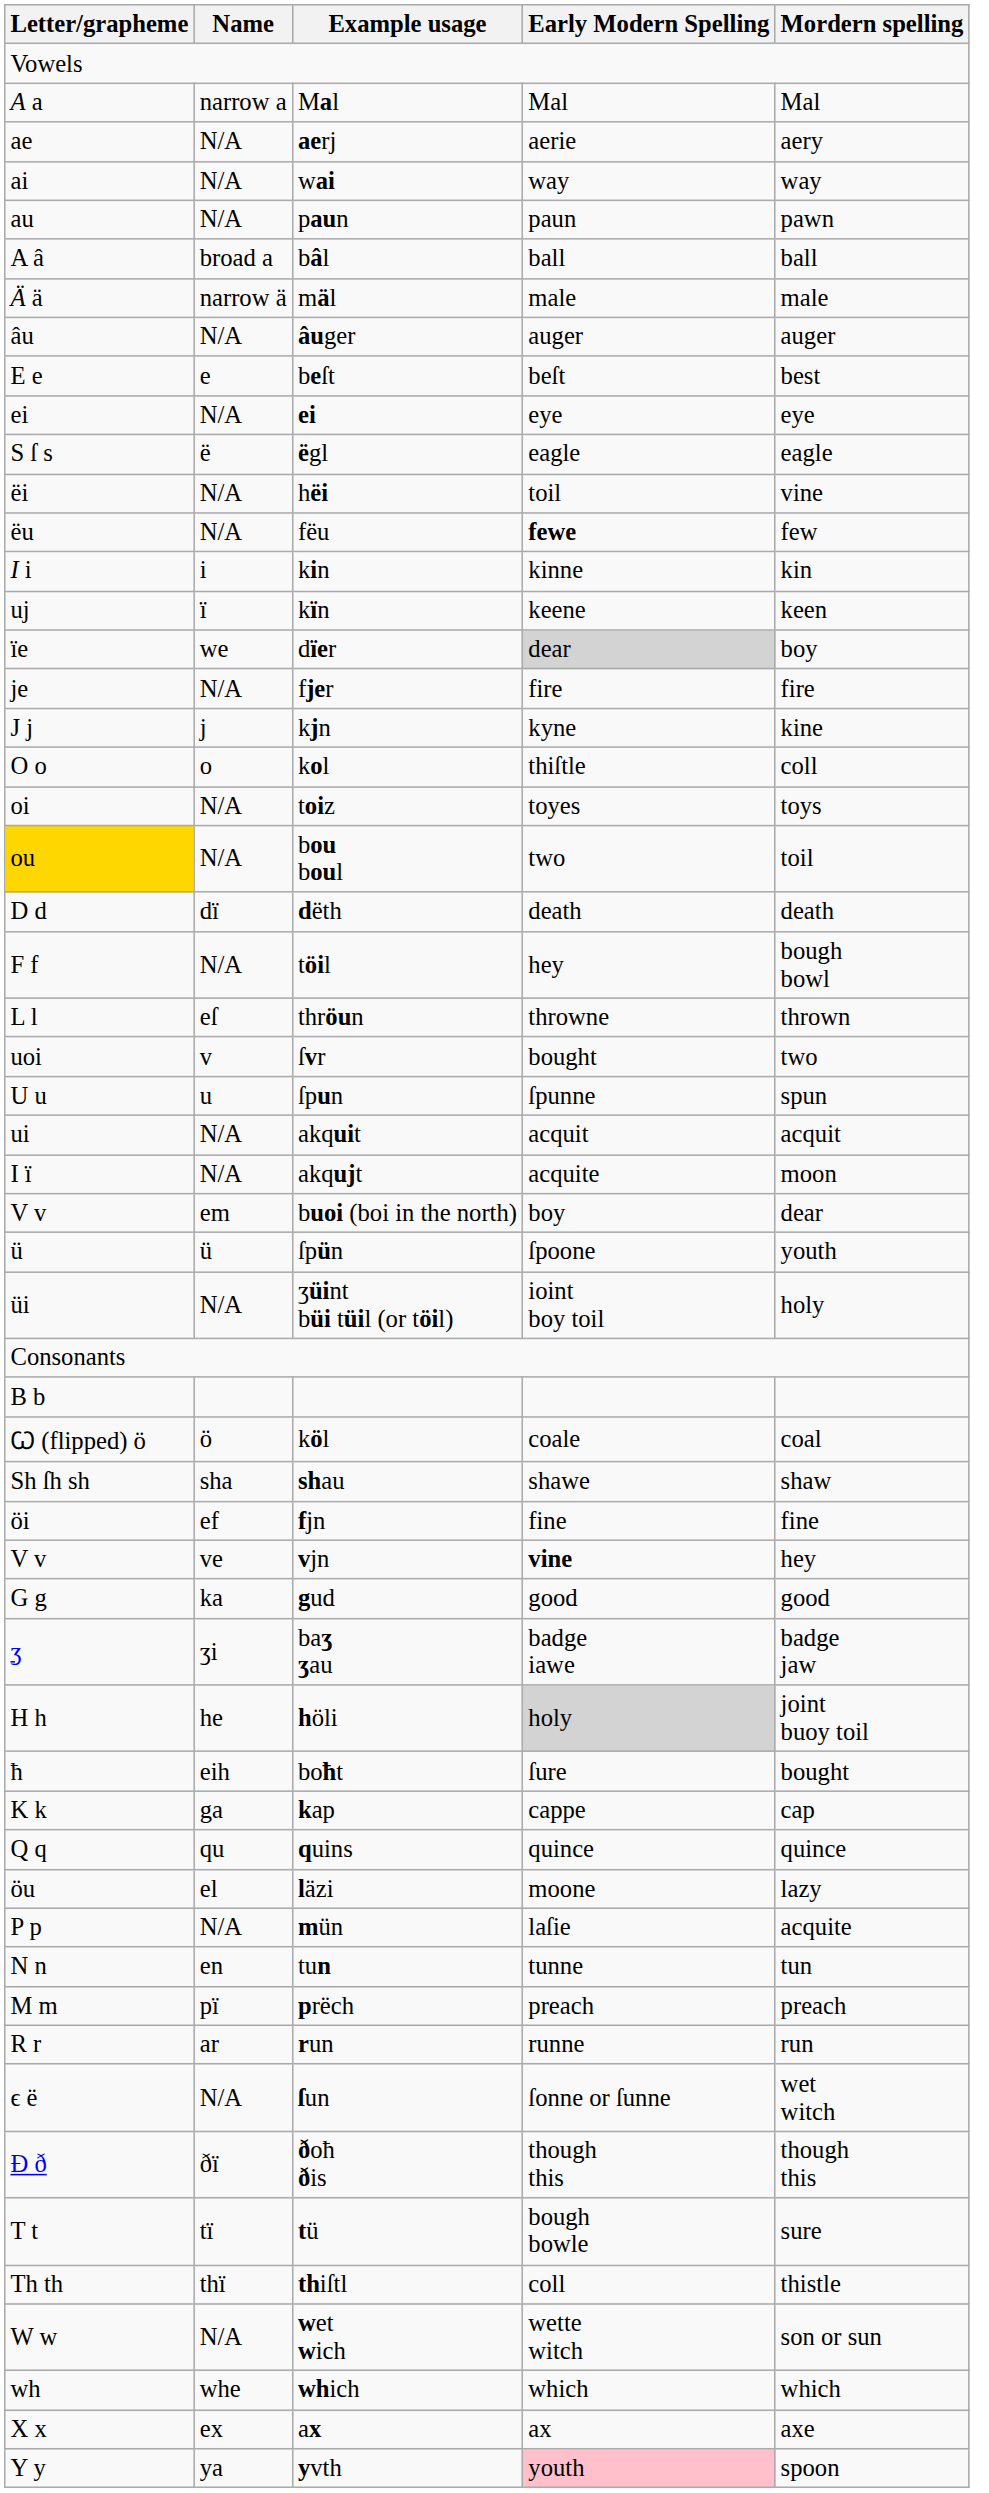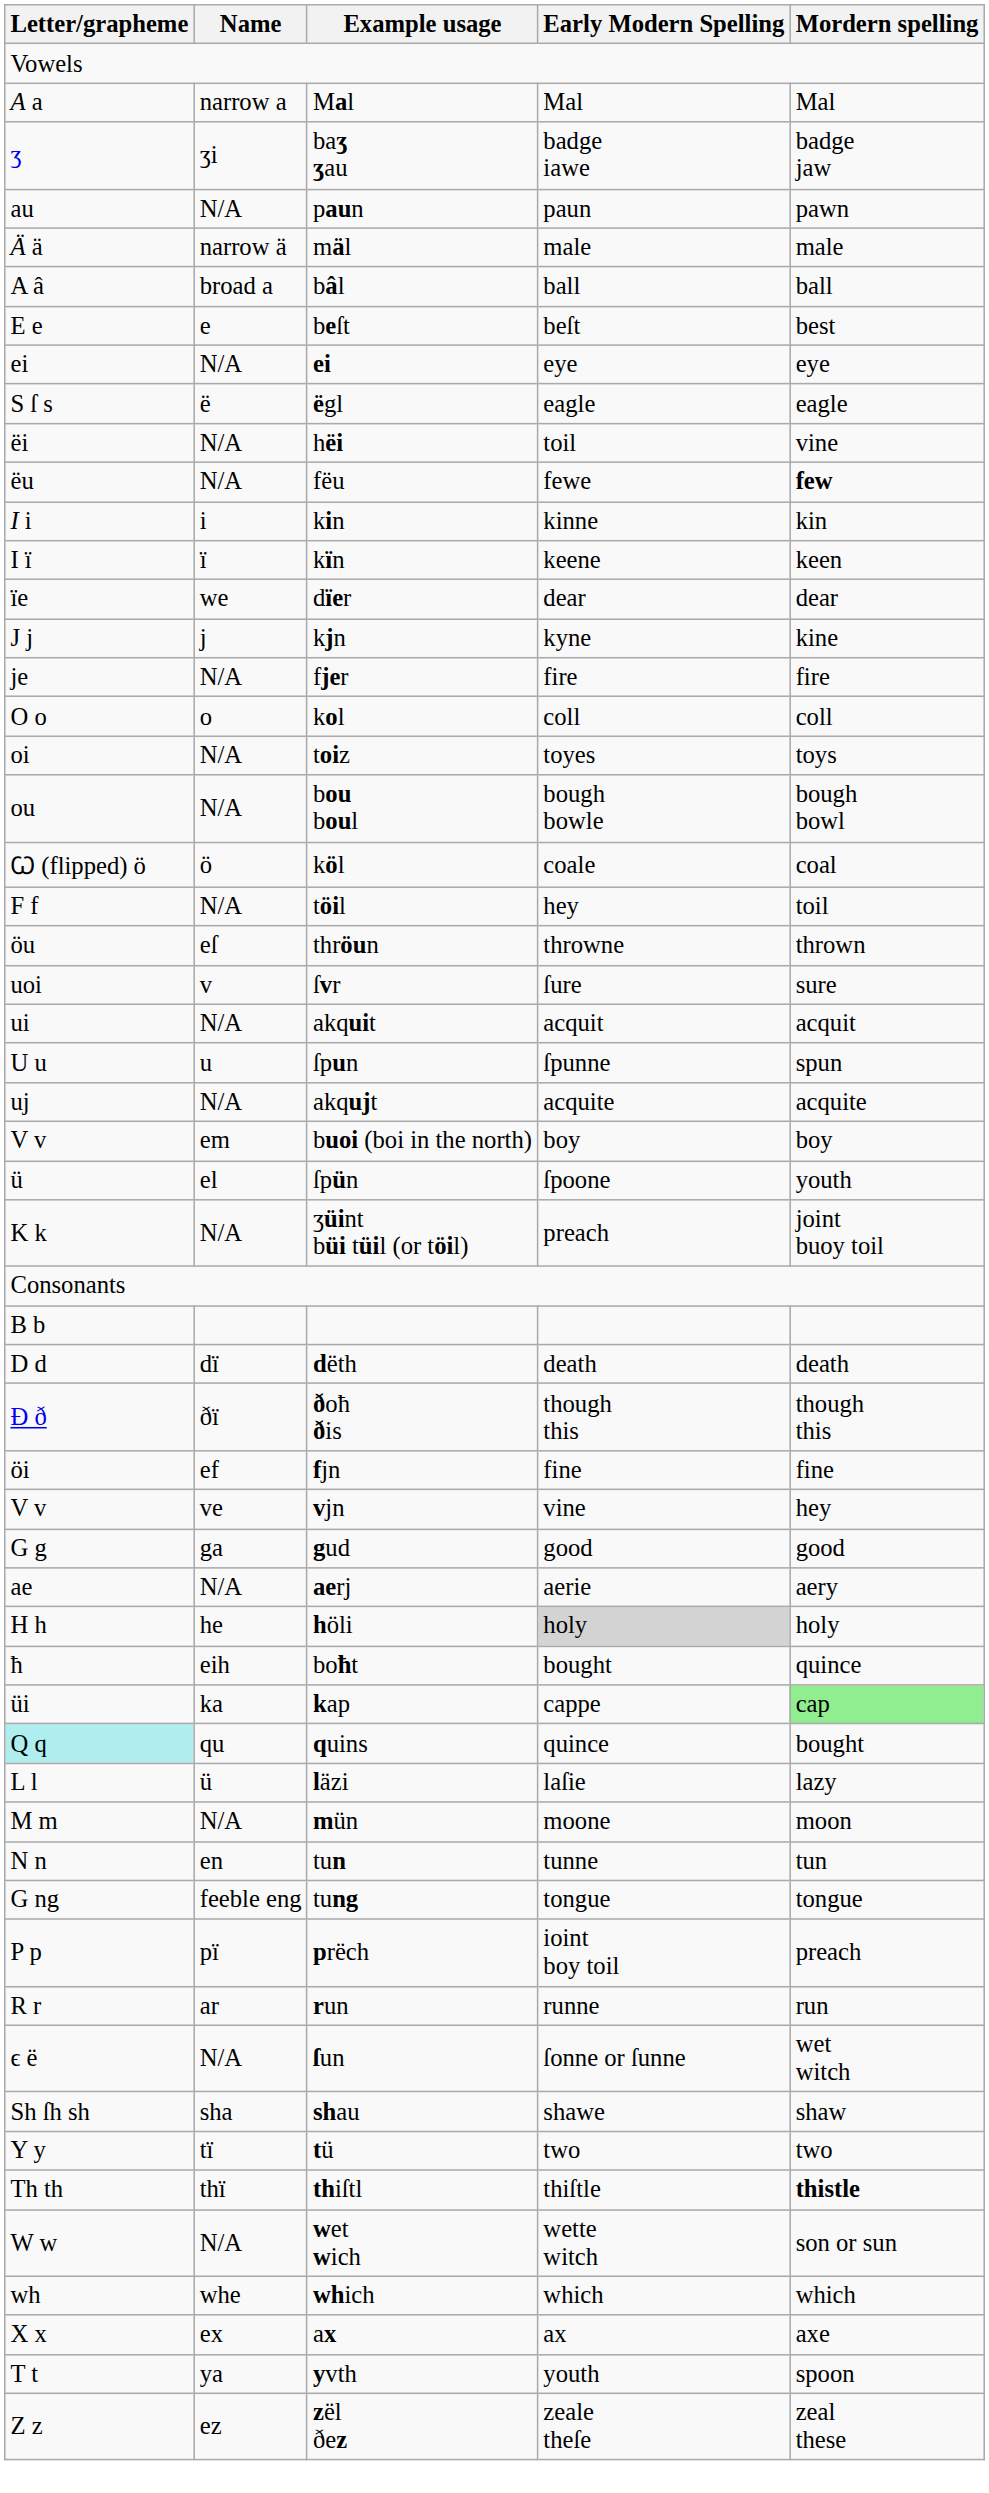 <table class="wikitable">
 <tr>
 <th>Letter/grapheme</th>
 <th>Name</th>
 <th>Example usage</th>
 <th>Early Modern Spelling</th>
 <th>Mordern spelling</th>
 </tr>
 <tr>
 <td colspan="5">Vowels</td>
 </tr>
 <tr>
 <td><em>A</em> a</td>
 <td>narrow a</td>
 <td>M<strong>a</strong>l</td>
 <td>Mal</td>
 <td>Mal</td>
 </tr>
 <tr>
-<td>ae</td>
-<td>N/A</td>
-<td><strong>ae</strong>rj</td>
-<td>aerie</td>
-<td>aery</td>
-</tr>
-<tr>
-<td>ai</td>
-<td>N/A</td>
-<td>w<strong>ai</strong></td>
-<td>way</td>
-<td>way</td>
+<td><a href='#'>ʒ</a></td>
+<td>ʒi</td>
+<td>ba<strong>ʒ</strong><br><strong>ʒ</strong>au</td>
+<td>badge<br>iawe</td>
+<td>badge<br>jaw</td>
 </tr>
 <tr>
 <td>au</td>
 <td>N/A</td>
 <td>p<strong>au</strong>n</td>
 <td>paun</td>
 <td>pawn</td>
 </tr>
 <tr>
-<td>A â</td>
-<td>broad a</td>
-<td>b<strong>â</strong>l</td>
-<td>ball</td>
-<td>ball</td>
-</tr>
-<tr>
 <td><em>Ä</em> ä</td>
 <td>narrow ä</td>
 <td>m<strong>ä</strong>l</td>
 <td>male</td>
 <td>male</td>
 </tr>
 <tr>
-<td>âu</td>
-<td>N/A</td>
-<td><strong>âu</strong>ger</td>
-<td>auger</td>
-<td>auger</td>
+<td>A â</td>
+<td>broad a</td>
+<td>b<strong>â</strong>l</td>
+<td>ball</td>
+<td>ball</td>
 </tr>
 <tr>
 <td>E e</td>
 <td>e</td>
 <td>b<strong>e</strong>ſt</td>
 <td>beſt</td>
 <td>best</td>
 </tr>
 <tr>
 <td>ei</td>
 <td>N/A</td>
 <td><strong>ei</strong></td>
 <td>eye</td>
 <td>eye</td>
 </tr>
 <tr>
 <td>S ſ s</td>
 <td>ë</td>
 <td><strong>ë</strong>gl</td>
 <td>eagle</td>
 <td>eagle</td>
 </tr>
 <tr>
 <td>ëi</td>
 <td>N/A</td>
 <td>h<strong>ëi</strong></td>
 <td>toil</td>
 <td>vine</td>
 </tr>
 <tr>
 <td>ëu</td>
 <td>N/A</td>
 <td>fëu</td>
-<td><strong>fewe</strong></td>
-<td>few</td>
+<td>fewe</td>
+<td><strong>few</strong></td>
 </tr>
 <tr>
 <td><em>I</em> i</td>
 <td>i</td>
 <td>k<strong>i</strong>n</td>
 <td>kinne</td>
 <td>kin</td>
 </tr>
 <tr>
-<td>uj</td>
+<td>I ï</td>
 <td>ï</td>
 <td>k<strong>ï</strong>n</td>
 <td>keene</td>
 <td>keen</td>
 </tr>
 <tr>
 <td>ïe</td>
 <td>we</td>
 <td>d<strong>ïe</strong>r</td>
-<td style="background: lightgrey;">dear</td>
-<td>boy</td>
+<td>dear</td>
+<td>dear</td>
+</tr>
+<tr>
+<td>J j</td>
+<td>j</td>
+<td>k<strong>j</strong>n</td>
+<td>kyne</td>
+<td>kine</td>
 </tr>
 <tr>
 <td>je</td>
 <td>N/A</td>
 <td>f<strong>je</strong>r</td>
 <td>fire</td>
 <td>fire</td>
 </tr>
 <tr>
-<td>J j</td>
-<td>j</td>
-<td>k<strong>j</strong>n</td>
-<td>kyne</td>
-<td>kine</td>
-</tr>
-<tr>
 <td>O o</td>
 <td>o</td>
 <td>k<strong>o</strong>l</td>
-<td>thiſtle</td>
+<td>coll</td>
 <td>coll</td>
 </tr>
 <tr>
 <td>oi</td>
 <td>N/A</td>
 <td>t<strong>oi</strong>z</td>
 <td>toyes</td>
 <td>toys</td>
 </tr>
 <tr>
-<td style="background: gold;">ou</td>
+<td>ou</td>
 <td>N/A</td>
 <td>b<strong>ou</strong><br>b<strong>ou</strong>l</td>
-<td>two</td>
-<td>toil</td>
+<td>bough<br>bowle</td>
+<td>bough<br>bowl</td>
 </tr>
 <tr>
-<td>D d</td>
-<td>dï</td>
-<td><strong>d</strong>ëth</td>
-<td>death</td>
-<td>death</td>
+<td>Ꞷ (flipped) ö</td>
+<td>ö</td>
+<td>k<strong>ö</strong>l</td>
+<td>coale</td>
+<td>coal</td>
 </tr>
 <tr>
 <td>F f</td>
 <td>N/A</td>
 <td>t<strong>öi</strong>l</td>
 <td>hey</td>
-<td>bough<br>bowl</td>
+<td>toil</td>
 </tr>
 <tr>
-<td>L l</td>
+<td>öu</td>
 <td>eſ</td>
 <td>thr<strong>öu</strong>n</td>
 <td>throwne</td>
 <td>thrown</td>
 </tr>
 <tr>
 <td>uoi</td>
 <td>v</td>
 <td>ſ<strong>v</strong>r</td>
-<td>bought</td>
-<td>two</td>
+<td>ſure</td>
+<td>sure</td>
+</tr>
+<tr>
+<td>ui</td>
+<td>N/A</td>
+<td>akq<strong>ui</strong>t</td>
+<td>acquit</td>
+<td>acquit</td>
 </tr>
 <tr>
 <td>U u</td>
 <td>u</td>
 <td>ſp<strong>u</strong>n</td>
 <td>ſpunne</td>
 <td>spun</td>
 </tr>
 <tr>
-<td>ui</td>
-<td>N/A</td>
-<td>akq<strong>ui</strong>t</td>
-<td>acquit</td>
-<td>acquit</td>
-</tr>
-<tr>
-<td>I ï</td>
+<td>uj</td>
 <td>N/A</td>
 <td>akq<strong>uj</strong>t</td>
 <td>acquite</td>
-<td>moon</td>
+<td>acquite</td>
 </tr>
 <tr>
 <td>V v</td>
 <td>em</td>
 <td>b<strong>uoi</strong> (boi in the north)</td>
 <td>boy</td>
-<td>dear</td>
+<td>boy</td>
 </tr>
 <tr>
 <td>ü</td>
-<td>ü</td>
+<td>el</td>
 <td>ſp<strong>ü</strong>n</td>
 <td>ſpoone</td>
 <td>youth</td>
 </tr>
 <tr>
-<td>üi</td>
+<td>K k</td>
 <td>N/A</td>
 <td>ʒ<strong>üi</strong>nt<br>b<strong>üi</strong> t<strong>üi</strong>l (or t<strong>öi</strong>l)</td>
-<td>ioint<br>boy toil</td>
-<td>holy</td>
+<td>preach</td>
+<td>joint<br>buoy toil</td>
 </tr>
 <tr>
 <td colspan="5">Consonants</td>
 </tr>
 <tr>
 <td>B b</td>
 <td></td>
 <td></td>
 <td></td>
 <td></td>
 </tr>
 <tr>
-<td>Ꞷ (flipped) ö</td>
-<td>ö</td>
-<td>k<strong>ö</strong>l</td>
-<td>coale</td>
-<td>coal</td>
+<td>D d</td>
+<td>dï</td>
+<td><strong>d</strong>ëth</td>
+<td>death</td>
+<td>death</td>
 </tr>
 <tr>
-<td>Sh ſh sh</td>
-<td>sha</td>
-<td><strong>sh</strong>au</td>
-<td>shawe</td>
-<td>shaw</td>
+<td><a href='#'>Ð ð</a></td>
+<td>ðï</td>
+<td><strong>ð</strong>oħ<br><strong>ð</strong>is</td>
+<td>though<br>this</td>
+<td>though<br>this</td>
 </tr>
 <tr>
 <td>öi</td>
 <td>ef</td>
 <td><strong>f</strong>jn</td>
 <td>fine</td>
 <td>fine</td>
 </tr>
 <tr>
 <td>V v</td>
 <td>ve</td>
 <td><strong>v</strong>jn</td>
-<td><strong>vine</strong></td>
+<td>vine</td>
 <td>hey</td>
 </tr>
 <tr>
 <td>G g</td>
-<td>ka</td>
+<td>ga</td>
 <td><strong>g</strong>ud</td>
 <td>good</td>
 <td>good</td>
 </tr>
 <tr>
-<td><a href='#'>ʒ</a></td>
-<td>ʒi</td>
-<td>ba<strong>ʒ</strong><br><strong>ʒ</strong>au</td>
-<td>badge<br>iawe</td>
-<td>badge<br>jaw</td>
+<td>ae</td>
+<td>N/A</td>
+<td><strong>ae</strong>rj</td>
+<td>aerie</td>
+<td>aery</td>
 </tr>
 <tr>
 <td>H h</td>
 <td>he</td>
 <td><strong>h</strong>öli</td>
 <td style="background: lightgrey;">holy</td>
-<td>joint<br>buoy toil</td>
+<td>holy</td>
 </tr>
 <tr>
 <td>ħ</td>
 <td>eih</td>
 <td>bo<strong>ħ</strong>t</td>
-<td>ſure</td>
+<td>bought</td>
+<td>quince</td>
+</tr>
+<tr>
+<td>üi</td>
+<td>ka</td>
+<td><strong>k</strong>ap</td>
+<td>cappe</td>
+<td style="background: lightgreen;">cap</td>
+</tr>
+<tr>
+<td style="background: paleturquoise;">Q q</td>
+<td>qu</td>
+<td><strong>q</strong>uins</td>
+<td>quince</td>
 <td>bought</td>
 </tr>
 <tr>
-<td>K k</td>
-<td>ga</td>
-<td><strong>k</strong>ap</td>
-<td>cappe</td>
-<td>cap</td>
-</tr>
-<tr>
-<td>Q q</td>
-<td>qu</td>
-<td><strong>q</strong>uins</td>
-<td>quince</td>
-<td>quince</td>
-</tr>
-<tr>
-<td>öu</td>
-<td>el</td>
+<td>L l</td>
+<td>ü</td>
 <td><strong>l</strong>äzi</td>
-<td>moone</td>
+<td>laſie</td>
 <td>lazy</td>
 </tr>
 <tr>
-<td>P p</td>
+<td>M m</td>
 <td>N/A</td>
 <td><strong>m</strong>ün</td>
-<td>laſie</td>
-<td>acquite</td>
+<td>moone</td>
+<td>moon</td>
 </tr>
 <tr>
 <td>N n</td>
 <td>en</td>
 <td>tu<strong>n</strong></td>
 <td>tunne</td>
 <td>tun</td>
 </tr>
 <tr>
-<td>M m</td>
+<td>G ng</td>
+<td>feeble eng</td>
+<td>tu<strong>ng</strong></td>
+<td>tongue</td>
+<td>tongue</td>
+</tr>
+<tr>
+<td>P p</td>
 <td>pï</td>
 <td><strong>p</strong>rëch</td>
-<td>preach</td>
+<td>ioint<br>boy toil</td>
 <td>preach</td>
 </tr>
 <tr>
 <td>R r</td>
 <td>ar</td>
 <td><strong>r</strong>un</td>
 <td>runne</td>
 <td>run</td>
 </tr>
 <tr>
 <td>ϵ ë</td>
 <td>N/A</td>
 <td><strong>ſ</strong>un</td>
 <td>ſonne or ſunne</td>
 <td>wet<br>witch</td>
 </tr>
 <tr>
-<td><a href='#'>Ð ð</a></td>
-<td>ðï</td>
-<td><strong>ð</strong>oħ<br><strong>ð</strong>is</td>
-<td>though<br>this</td>
-<td>though<br>this</td>
+<td>Sh ſh sh</td>
+<td>sha</td>
+<td><strong>sh</strong>au</td>
+<td>shawe</td>
+<td>shaw</td>
 </tr>
 <tr>
-<td>T t</td>
+<td>Y y</td>
 <td>tï</td>
 <td><strong>t</strong>ü</td>
-<td>bough<br>bowle</td>
-<td>sure</td>
+<td>two</td>
+<td>two</td>
 </tr>
 <tr>
 <td>Th th</td>
 <td>thï</td>
 <td><strong>th</strong>iſtl</td>
-<td>coll</td>
-<td>thistle</td>
+<td>thiſtle</td>
+<td><strong>thistle</strong></td>
 </tr>
 <tr>
 <td>W w</td>
 <td>N/A</td>
 <td><strong>w</strong>et<br><strong>w</strong>ich</td>
 <td>wette<br>witch</td>
 <td>son or sun</td>
 </tr>
 <tr>
 <td>wh</td>
 <td>whe</td>
 <td><strong>wh</strong>ich</td>
 <td>which</td>
 <td>which</td>
 </tr>
 <tr>
 <td>X x</td>
 <td>ex</td>
 <td>a<strong>x</strong></td>
 <td>ax</td>
 <td>axe</td>
 </tr>
 <tr>
-<td>Y y</td>
+<td>T t</td>
 <td>ya</td>
 <td><strong>y</strong>vth</td>
-<td style="background: pink;">youth</td>
+<td>youth</td>
 <td>spoon</td>
 </tr>
+<tr>
+<td>Z z</td>
+<td>ez</td>
+<td><strong>z</strong>ël<br>ðe<strong>z</strong></td>
+<td>zeale<br>theſe</td>
+<td>zeal<br>these</td>
+</tr>
 </table>
